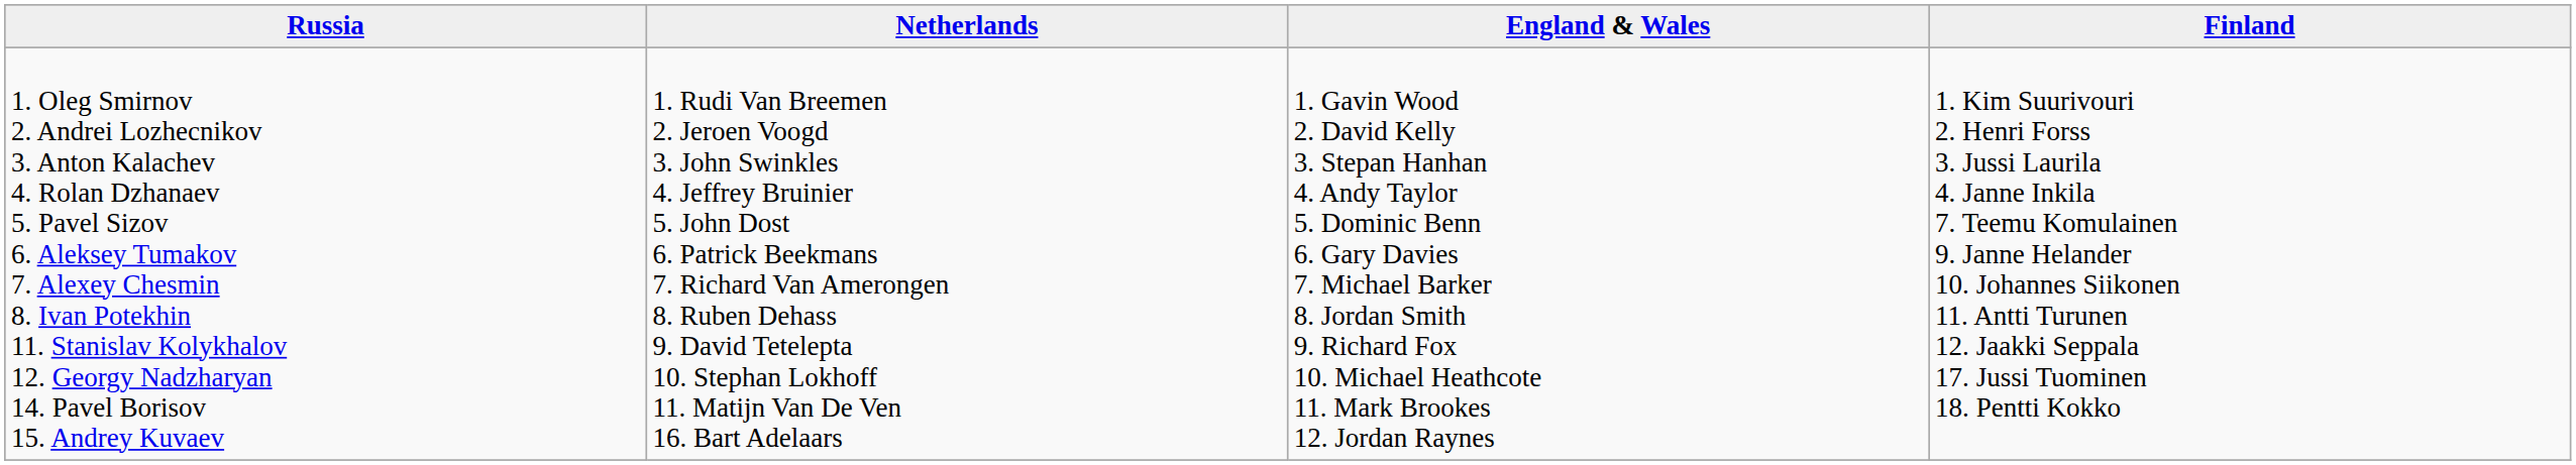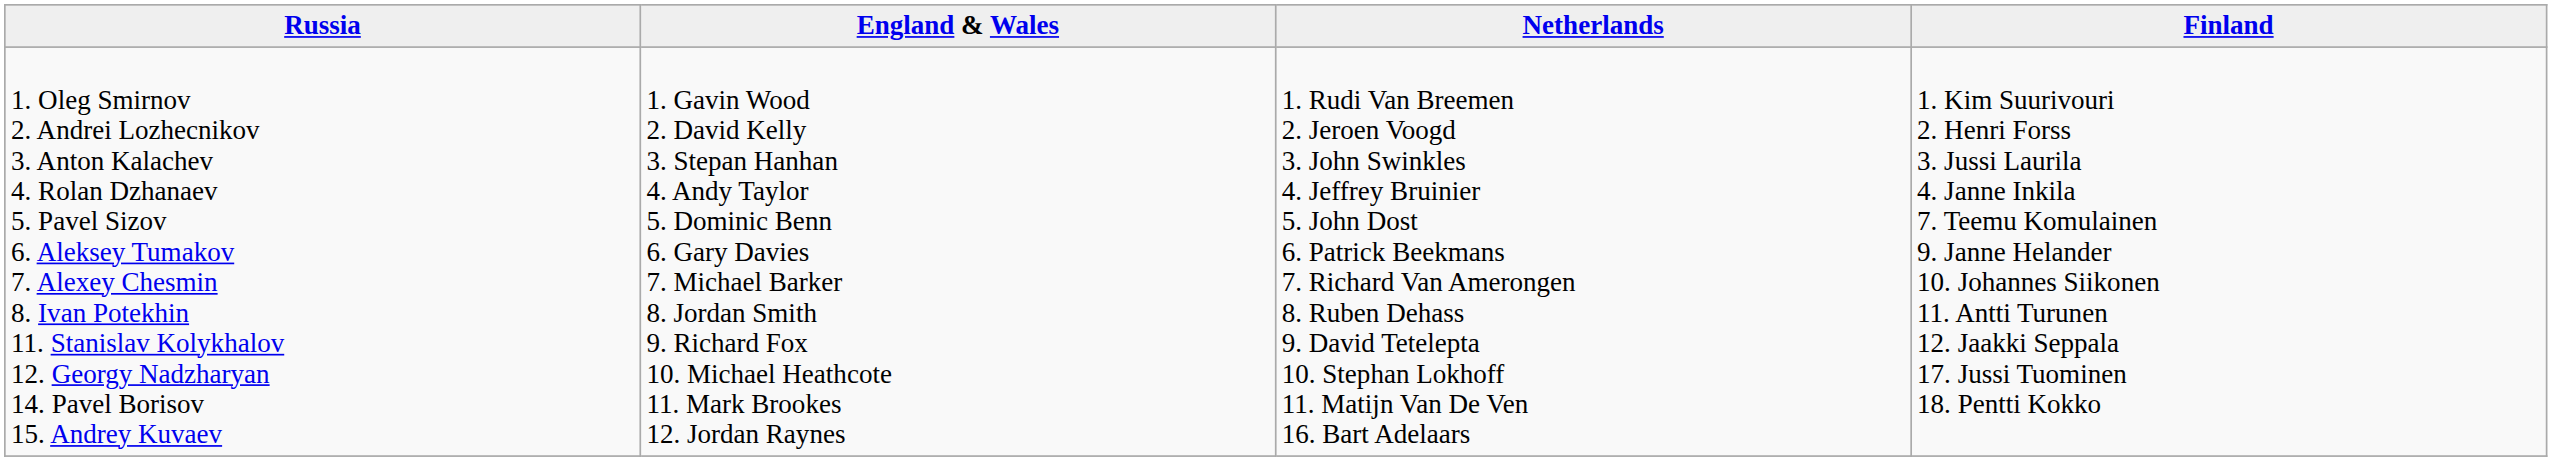 <table class="wikitable mw-collapsible mw-collapsed" cellpadding=5 cellspacing=0 style="width:95%">
 <tr align=center>
 <td bgcolor="#efefef" width="200"><strong> <a href='#'>Russia</a></strong></td>
+<td bgcolor="#efefef" width="200"><strong> <a href='#'>England</a> &  <a href='#'>Wales</a></strong></td>
 <td bgcolor="#efefef" width="200"><strong> <a href='#'>Netherlands</a></strong></td>
-<td bgcolor="#efefef" width="200"><strong> <a href='#'>England</a> &  <a href='#'>Wales</a></strong></td>
 <td bgcolor="#efefef" width="200"><strong> <a href='#'>Finland</a></strong></td>
 </tr>
 <tr valign=top>
 <td><br>1. Oleg Smirnov<br> 2. Andrei Lozhecnikov<br> 3. Anton Kalachev<br> 4. Rolan Dzhanaev<br> 5. Pavel Sizov<br> 6. <a href='#'>Aleksey Tumakov</a><br> 7. <a href='#'>Alexey Chesmin</a><br> 8. <a href='#'>Ivan Potekhin</a><br> 11. <a href='#'>Stanislav Kolykhalov</a><br> 12. <a href='#'>Georgy Nadzharyan</a><br> 14. Pavel Borisov<br> 15. <a href='#'>Andrey Kuvaev</a><br></td>
+<td><br>1. Gavin Wood<br> 2. David Kelly<br> 3. Stepan Hanhan<br> 4. Andy Taylor<br> 5. Dominic Benn<br> 6. Gary Davies<br> 7. Michael Barker<br> 8. Jordan Smith<br> 9. Richard Fox<br> 10. Michael Heathcote<br> 11. Mark Brookes<br> 12. Jordan Raynes<br></td>
 <td><br>1. Rudi Van Breemen<br> 2. Jeroen Voogd<br> 3. John Swinkles<br> 4. Jeffrey Bruinier<br> 5. John Dost<br> 6. Patrick Beekmans<br> 7. Richard Van Amerongen<br> 8. Ruben Dehass<br> 9. David Tetelepta<br> 10. Stephan Lokhoff<br> 11. Matijn Van De Ven<br> 16. Bart Adelaars<br></td>
-<td><br>1. Gavin Wood<br> 2. David Kelly<br> 3. Stepan Hanhan<br> 4. Andy Taylor<br> 5. Dominic Benn<br> 6. Gary Davies<br> 7. Michael Barker<br> 8. Jordan Smith<br> 9. Richard Fox<br> 10. Michael Heathcote<br> 11. Mark Brookes<br> 12. Jordan Raynes<br></td>
 <td><br>1. Kim Suurivouri<br> 2. Henri Forss<br> 3. Jussi Laurila<br> 4. Janne Inkila<br> 7. Teemu Komulainen<br> 9. Janne Helander<br> 10. Johannes Siikonen<br> 11. Antti Turunen<br> 12. Jaakki Seppala<br> 17. Jussi Tuominen<br> 18. Pentti Kokko<br></td>
 </tr>
 </table>
